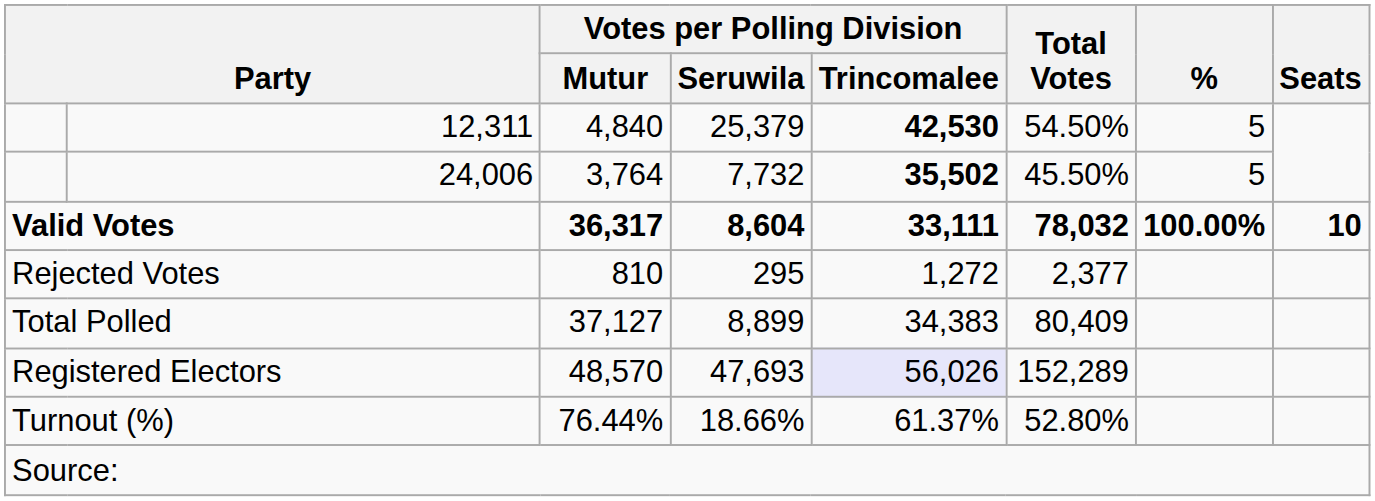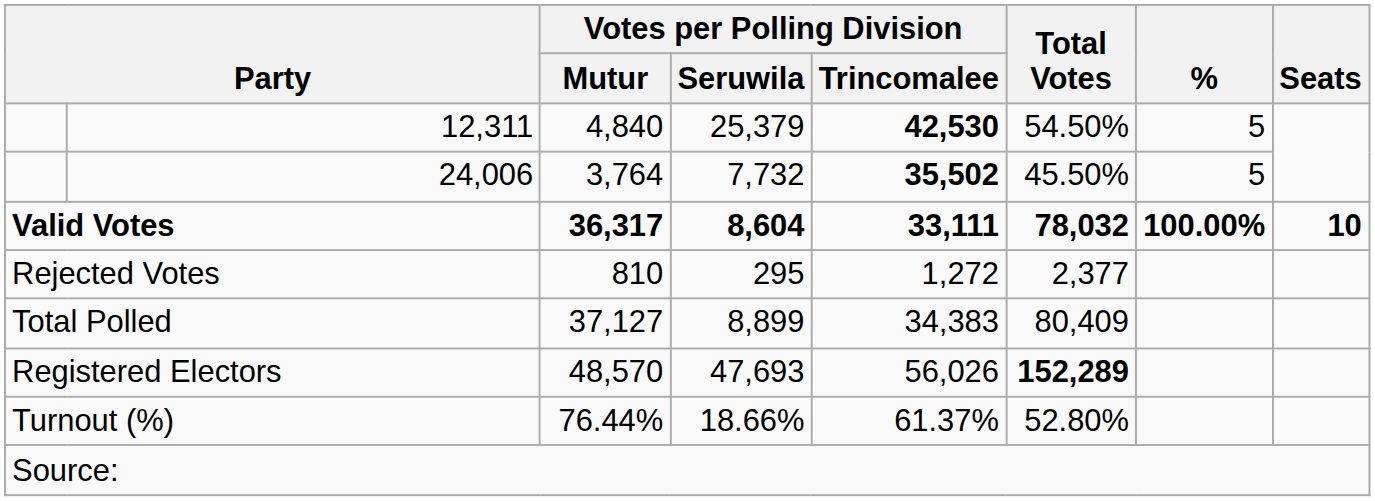 <table class="wikitable" border="1" style="text-align:right;">
 <tr>
 <th align=left valign=bottom rowspan=2 colspan=2 width="270">Party</th>
 <th colspan=3>Votes per Polling Division</th>
 <th align=center valign=bottom rowspan=2 width="60">Total Votes</th>
 <th align=center valign=bottom rowspan=2 width="60">%</th>
 <th align=center valign=bottom rowspan=2 width="40">Seats</th>
 </tr>
 <tr>
 <th align=center valign=bottom width="60">Mutur</th>
 <th align=center valign=bottom width="60">Seruwila</th>
 <th align=center valign=bottom width="60">Trincomalee</th>
 </tr>
 <tr>
 <td></td>
 <td>12,311</td>
 <td>4,840</td>
 <td>25,379</td>
 <td><strong>42,530</strong></td>
 <td>54.50%</td>
 <td>5</td>
 </tr>
 <tr>
 <td></td>
 <td>24,006</td>
 <td>3,764</td>
 <td>7,732</td>
 <td><strong>35,502</strong></td>
 <td>45.50%</td>
 <td>5</td>
 </tr>
 <tr>
 <td align=left colspan=2><strong>Valid Votes</strong></td>
 <td><strong>36,317</strong></td>
 <td><strong>8,604</strong></td>
 <td><strong>33,111</strong></td>
 <td><strong>78,032</strong></td>
 <td><strong>100.00%</strong></td>
 <td><strong>10</strong></td>
 </tr>
 <tr>
 <td align=left colspan=2>Rejected Votes</td>
 <td>810</td>
 <td>295</td>
 <td>1,272</td>
 <td>2,377</td>
 <td></td>
 <td></td>
 </tr>
 <tr>
 <td align=left colspan=2>Total Polled</td>
 <td>37,127</td>
 <td>8,899</td>
 <td>34,383</td>
 <td>80,409</td>
 <td></td>
 <td></td>
 </tr>
 <tr>
 <td align=left colspan=2>Registered Electors</td>
 <td>48,570</td>
 <td>47,693</td>
-<td style="background: lavender;">56,026</td>
-<td>152,289</td>
+<td>56,026</td>
+<td><strong>152,289</strong></td>
 <td></td>
 <td></td>
 </tr>
 <tr>
 <td align=left colspan=2>Turnout (%)</td>
 <td>76.44%</td>
 <td>18.66%</td>
 <td>61.37%</td>
 <td>52.80%</td>
 <td></td>
 <td></td>
 </tr>
 <tr>
 <td align=left colspan=8>Source:</td>
 </tr>
 </table>
